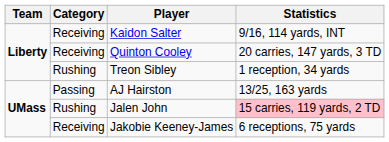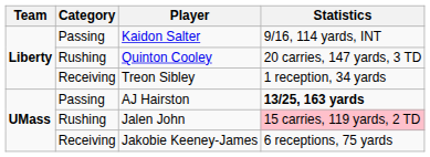 <table class="wikitable" style="float: right;">
 <tr>
 <th>Team</th>
 <th>Category</th>
 <th>Player</th>
 <th>Statistics</th>
 </tr>
 <tr>
 <td rowspan=3><strong>Liberty</strong></td>
-<td>Receiving</td>
+<td>Passing</td>
 <td><a href='#'>Kaidon Salter</a></td>
 <td>9/16, 114 yards, INT</td>
 </tr>
 <tr>
-<td>Receiving</td>
+<td>Rushing</td>
 <td><a href='#'>Quinton Cooley</a></td>
 <td>20 carries, 147 yards, 3 TD</td>
 </tr>
 <tr>
-<td>Rushing</td>
+<td>Receiving</td>
 <td>Treon Sibley</td>
 <td>1 reception, 34 yards</td>
 </tr>
 <tr>
 <td rowspan=3><strong>UMass</strong></td>
 <td>Passing</td>
 <td>AJ Hairston</td>
-<td>13/25, 163 yards</td>
+<td><strong>13/25, 163 yards</strong></td>
 </tr>
 <tr>
 <td>Rushing</td>
 <td>Jalen John</td>
 <td style="background: pink;">15 carries, 119 yards, 2 TD</td>
 </tr>
 <tr>
 <td>Receiving</td>
 <td>Jakobie Keeney-James</td>
 <td>6 receptions, 75 yards</td>
 </tr>
 </table>
